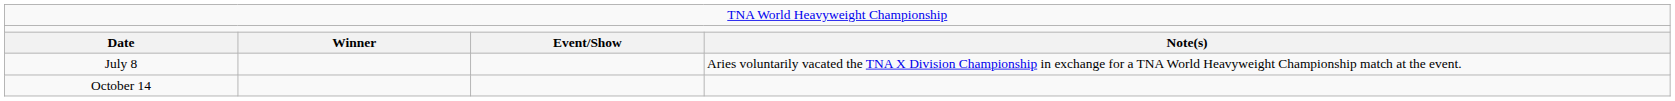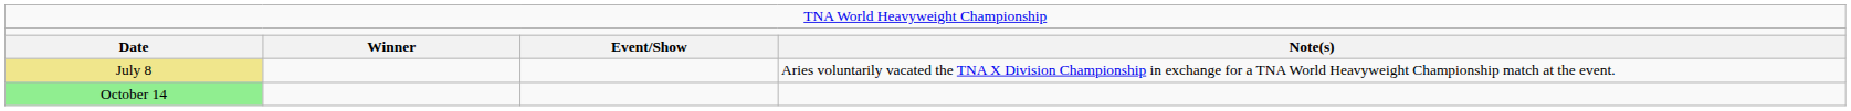 <table class="wikitable" style="text-align:center; width:100%;">
 <tr>
 <td colspan="5"><a href='#'>TNA World Heavyweight Championship</a></td>
 </tr>
 <tr>
 <td colspan="5"><strong></strong></td>
 </tr>
 <tr>
 <th width="14%">Date</th>
 <th width="14%">Winner</th>
 <th width="14%">Event/Show</th>
 <th width="58%">Note(s)</th>
 </tr>
 <tr>
-<td>July 8</td>
+<td style="background: khaki;">July 8</td>
 <td></td>
 <td></td>
 <td align="left">Aries voluntarily vacated the <a href='#'>TNA X Division Championship</a> in exchange for a TNA World Heavyweight Championship match at the event.</td>
 </tr>
 <tr>
-<td>October 14</td>
+<td style="background: lightgreen;">October 14</td>
 <td></td>
 <td></td>
 <td align="left"></td>
 </tr>
 </table>
